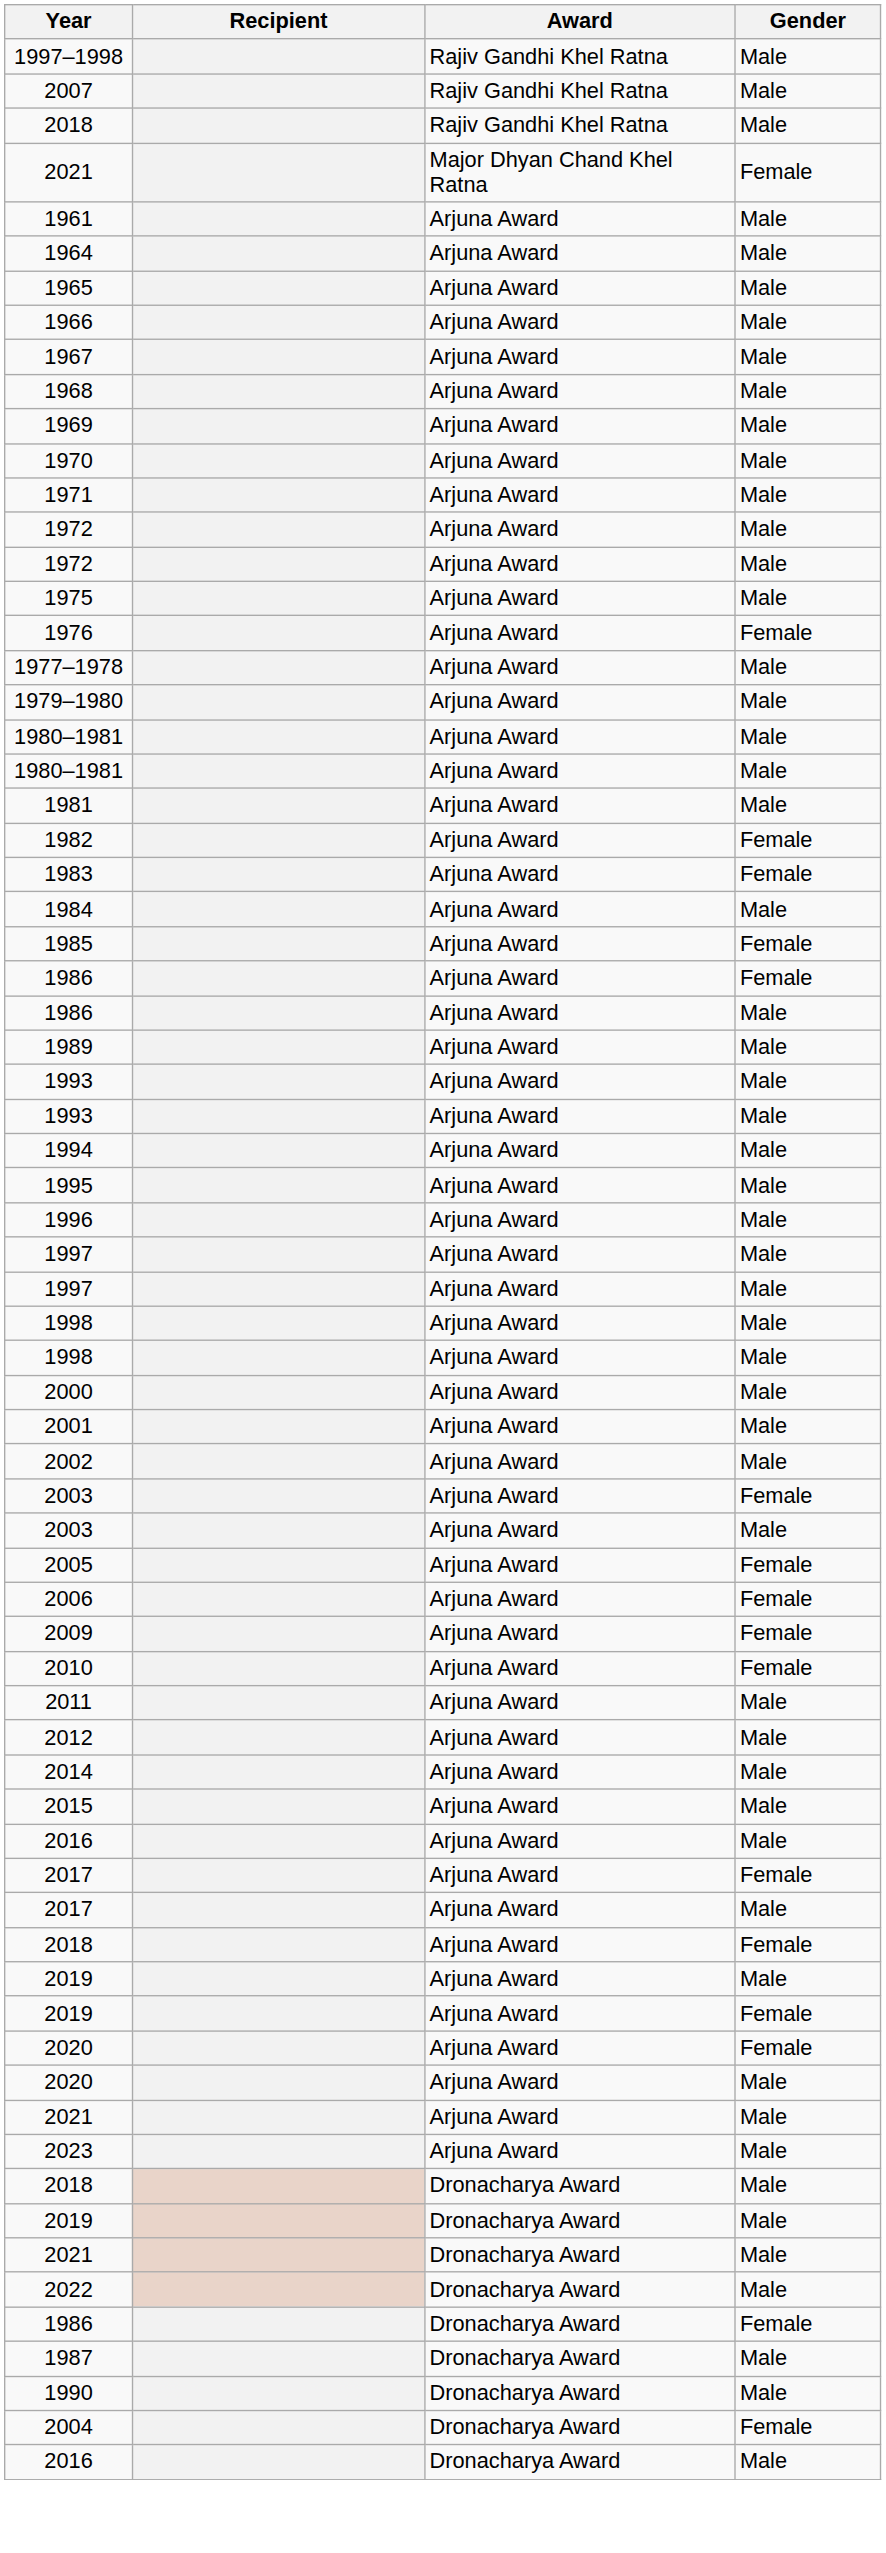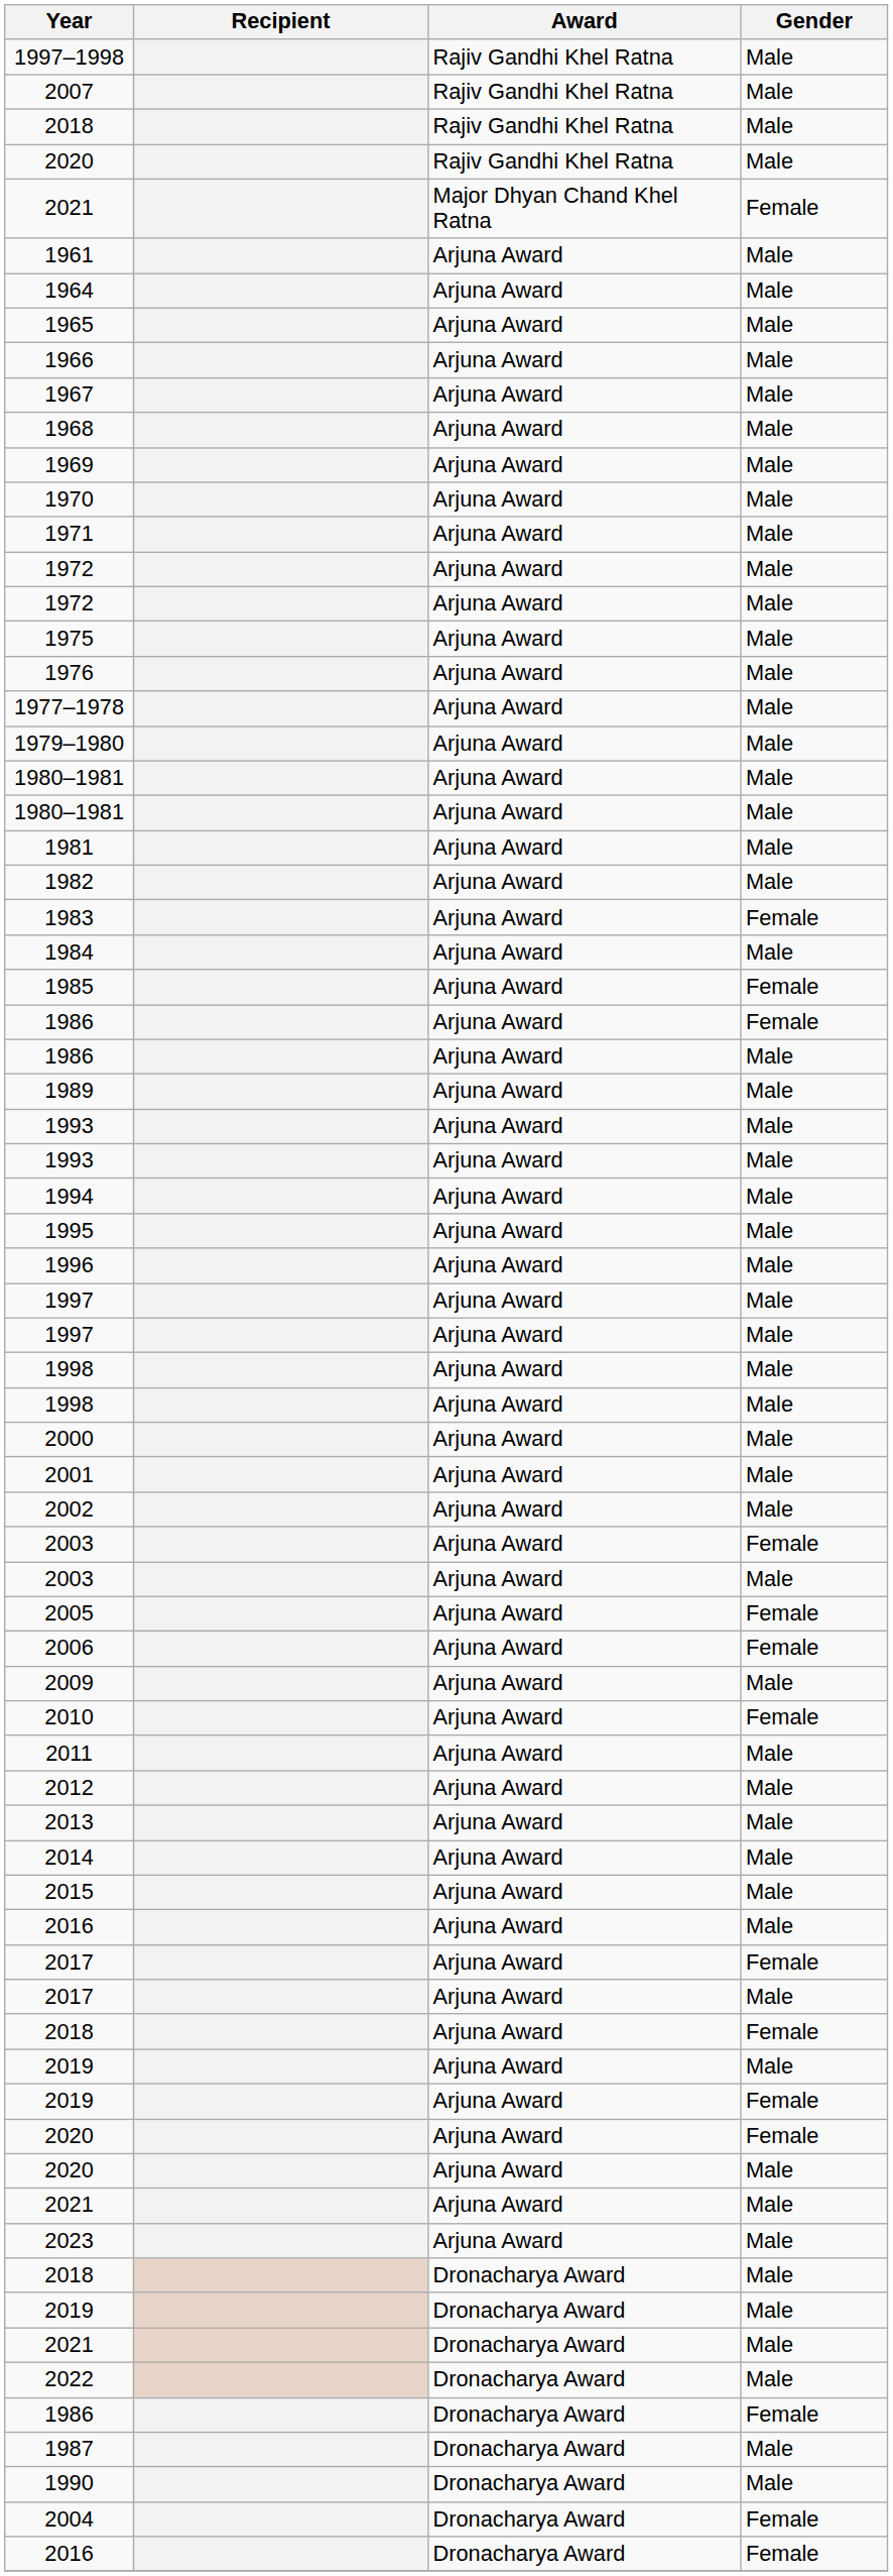 <table class="wikitable plainrowheaders sortable" style="width:73%">
 <tr>
 <th scope="col" style="width:14%">Year</th>
 <th scope="col" style="width:32%">Recipient</th>
 <th scope="col" style="width:34%">Award</th>
 <th scope="col" style="width:16%">Gender</th>
 </tr>
 <tr>
 <td style="text-align:center;">1997–1998</td>
 <th scope="row"></th>
 <td>Rajiv Gandhi Khel Ratna</td>
 <td>Male</td>
 </tr>
 <tr>
 <td style="text-align:center;">2007</td>
 <th scope="row"></th>
 <td>Rajiv Gandhi Khel Ratna</td>
 <td>Male</td>
 </tr>
 <tr>
 <td style="text-align:center;">2018</td>
+<th scope="row"></th>
+<td>Rajiv Gandhi Khel Ratna</td>
+<td>Male</td>
+</tr>
+<tr>
+<td style="text-align:center;">2020</td>
 <th scope="row"></th>
 <td>Rajiv Gandhi Khel Ratna</td>
 <td>Male</td>
 </tr>
 <tr>
 <td style="text-align:center;">2021</td>
 <th scope="row"></th>
 <td>Major Dhyan Chand Khel Ratna</td>
 <td>Female</td>
 </tr>
 <tr>
 <td style="text-align:center;">1961</td>
 <th scope="row"></th>
 <td>Arjuna Award</td>
 <td>Male</td>
 </tr>
 <tr>
 <td style="text-align:center;">1964</td>
 <th scope="row"></th>
 <td>Arjuna Award</td>
 <td>Male</td>
 </tr>
 <tr>
 <td style="text-align:center;">1965</td>
 <th scope="row"></th>
 <td>Arjuna Award</td>
 <td>Male</td>
 </tr>
 <tr>
 <td style="text-align:center;">1966</td>
 <th scope="row"></th>
 <td>Arjuna Award</td>
 <td>Male</td>
 </tr>
 <tr>
 <td style="text-align:center;">1967</td>
 <th scope="row"></th>
 <td>Arjuna Award</td>
 <td>Male</td>
 </tr>
 <tr>
 <td style="text-align:center;">1968</td>
 <th scope="row"></th>
 <td>Arjuna Award</td>
 <td>Male</td>
 </tr>
 <tr>
 <td style="text-align:center;">1969</td>
 <th scope="row"></th>
 <td>Arjuna Award</td>
 <td>Male</td>
 </tr>
 <tr>
 <td style="text-align:center;">1970</td>
 <th scope="row"></th>
 <td>Arjuna Award</td>
 <td>Male</td>
 </tr>
 <tr>
 <td style="text-align:center;">1971</td>
 <th scope="row"></th>
 <td>Arjuna Award</td>
 <td>Male</td>
 </tr>
 <tr>
 <td style="text-align:center;">1972</td>
 <th scope="row"></th>
 <td>Arjuna Award</td>
 <td>Male</td>
 </tr>
 <tr>
 <td style="text-align:center;">1972</td>
 <th scope="row"></th>
 <td>Arjuna Award</td>
 <td>Male</td>
 </tr>
 <tr>
 <td style="text-align:center;">1975</td>
 <th scope="row"></th>
 <td>Arjuna Award</td>
 <td>Male</td>
 </tr>
 <tr>
 <td style="text-align:center;">1976</td>
 <th scope="row"></th>
 <td>Arjuna Award</td>
-<td>Female</td>
+<td>Male</td>
 </tr>
 <tr>
 <td style="text-align:center;">1977–1978</td>
 <th scope="row"></th>
 <td>Arjuna Award</td>
 <td>Male</td>
 </tr>
 <tr>
 <td style="text-align:center;">1979–1980</td>
 <th scope="row"></th>
 <td>Arjuna Award</td>
 <td>Male</td>
 </tr>
 <tr>
 <td style="text-align:center;">1980–1981</td>
 <th scope="row"></th>
 <td>Arjuna Award</td>
 <td>Male</td>
 </tr>
 <tr>
 <td style="text-align:center;">1980–1981</td>
 <th scope="row"></th>
 <td>Arjuna Award</td>
 <td>Male</td>
 </tr>
 <tr>
 <td style="text-align:center;">1981</td>
 <th scope="row"></th>
 <td>Arjuna Award</td>
 <td>Male</td>
 </tr>
 <tr>
 <td style="text-align:center;">1982</td>
 <th scope="row"></th>
 <td>Arjuna Award</td>
-<td>Female</td>
+<td>Male</td>
 </tr>
 <tr>
 <td style="text-align:center;">1983</td>
 <th scope="row"></th>
 <td>Arjuna Award</td>
 <td>Female</td>
 </tr>
 <tr>
 <td style="text-align:center;">1984</td>
 <th scope="row"></th>
 <td>Arjuna Award</td>
 <td>Male</td>
 </tr>
 <tr>
 <td style="text-align:center;">1985</td>
 <th scope="row"></th>
 <td>Arjuna Award</td>
 <td>Female</td>
 </tr>
 <tr>
 <td style="text-align:center;">1986</td>
 <th scope="row"></th>
 <td>Arjuna Award</td>
 <td>Female</td>
 </tr>
 <tr>
 <td style="text-align:center;">1986</td>
 <th scope="row"></th>
 <td>Arjuna Award</td>
 <td>Male</td>
 </tr>
 <tr>
 <td style="text-align:center;">1989</td>
 <th scope="row"></th>
 <td>Arjuna Award</td>
 <td>Male</td>
 </tr>
 <tr>
 <td style="text-align:center;">1993</td>
 <th scope="row"></th>
 <td>Arjuna Award</td>
 <td>Male</td>
 </tr>
 <tr>
 <td style="text-align:center;">1993</td>
 <th scope="row"></th>
 <td>Arjuna Award</td>
 <td>Male</td>
 </tr>
 <tr>
 <td style="text-align:center;">1994</td>
 <th scope="row"></th>
 <td>Arjuna Award</td>
 <td>Male</td>
 </tr>
 <tr>
 <td style="text-align:center;">1995</td>
 <th scope="row"></th>
 <td>Arjuna Award</td>
 <td>Male</td>
 </tr>
 <tr>
 <td style="text-align:center;">1996</td>
 <th scope="row"></th>
 <td>Arjuna Award</td>
 <td>Male</td>
 </tr>
 <tr>
 <td style="text-align:center;">1997</td>
 <th scope="row"></th>
 <td>Arjuna Award</td>
 <td>Male</td>
 </tr>
 <tr>
 <td style="text-align:center;">1997</td>
 <th scope="row"></th>
 <td>Arjuna Award</td>
 <td>Male</td>
 </tr>
 <tr>
 <td style="text-align:center;">1998</td>
 <th scope="row"></th>
 <td>Arjuna Award</td>
 <td>Male</td>
 </tr>
 <tr>
 <td style="text-align:center;">1998</td>
 <th scope="row"></th>
 <td>Arjuna Award</td>
 <td>Male</td>
 </tr>
 <tr>
 <td style="text-align:center;">2000</td>
 <th scope="row"></th>
 <td>Arjuna Award</td>
 <td>Male</td>
 </tr>
 <tr>
 <td style="text-align:center;">2001</td>
 <th scope="row"></th>
 <td>Arjuna Award</td>
 <td>Male</td>
 </tr>
 <tr>
 <td style="text-align:center;">2002</td>
 <th scope="row"></th>
 <td>Arjuna Award</td>
 <td>Male</td>
 </tr>
 <tr>
 <td style="text-align:center;">2003</td>
 <th scope="row"></th>
 <td>Arjuna Award</td>
 <td>Female</td>
 </tr>
 <tr>
 <td style="text-align:center;">2003</td>
 <th scope="row"></th>
 <td>Arjuna Award</td>
 <td>Male</td>
 </tr>
 <tr>
 <td style="text-align:center;">2005</td>
 <th scope="row"></th>
 <td>Arjuna Award</td>
 <td>Female</td>
 </tr>
 <tr>
 <td style="text-align:center;">2006</td>
 <th scope="row"></th>
 <td>Arjuna Award</td>
 <td>Female</td>
 </tr>
 <tr>
 <td style="text-align:center;">2009</td>
 <th scope="row"></th>
 <td>Arjuna Award</td>
-<td>Female</td>
+<td>Male</td>
 </tr>
 <tr>
 <td style="text-align:center;">2010</td>
 <th scope="row"></th>
 <td>Arjuna Award</td>
 <td>Female</td>
 </tr>
 <tr>
 <td style="text-align:center;">2011</td>
 <th scope="row"></th>
 <td>Arjuna Award</td>
 <td>Male</td>
 </tr>
 <tr>
 <td style="text-align:center;">2012</td>
+<th scope="row"></th>
+<td>Arjuna Award</td>
+<td>Male</td>
+</tr>
+<tr>
+<td style="text-align:center;">2013</td>
 <th scope="row"></th>
 <td>Arjuna Award</td>
 <td>Male</td>
 </tr>
 <tr>
 <td style="text-align:center;">2014</td>
 <th scope="row"></th>
 <td>Arjuna Award</td>
 <td>Male</td>
 </tr>
 <tr>
 <td style="text-align:center;">2015</td>
 <th scope="row"></th>
 <td>Arjuna Award</td>
 <td>Male</td>
 </tr>
 <tr>
 <td style="text-align:center;">2016</td>
 <th scope="row"></th>
 <td>Arjuna Award</td>
 <td>Male</td>
 </tr>
 <tr>
 <td style="text-align:center;">2017</td>
 <th scope="row"></th>
 <td>Arjuna Award</td>
 <td>Female</td>
 </tr>
 <tr>
 <td style="text-align:center;">2017</td>
 <th scope="row"></th>
 <td>Arjuna Award</td>
 <td>Male</td>
 </tr>
 <tr>
 <td style="text-align:center;">2018</td>
 <th scope="row"></th>
 <td>Arjuna Award</td>
 <td>Female</td>
 </tr>
 <tr>
 <td style="text-align:center;">2019</td>
 <th scope="row"></th>
 <td>Arjuna Award</td>
 <td>Male</td>
 </tr>
 <tr>
 <td style="text-align:center;">2019</td>
 <th scope="row"></th>
 <td>Arjuna Award</td>
 <td>Female</td>
 </tr>
 <tr>
 <td style="text-align:center;">2020</td>
 <th scope="row"></th>
 <td>Arjuna Award</td>
 <td>Female</td>
 </tr>
 <tr>
 <td style="text-align:center;">2020</td>
 <th scope="row"></th>
 <td>Arjuna Award</td>
 <td>Male</td>
 </tr>
 <tr>
 <td style="text-align:center;">2021</td>
 <th scope="row"></th>
 <td>Arjuna Award</td>
 <td>Male</td>
 </tr>
 <tr>
 <td style="text-align:center;">2023</td>
 <th scope="row"></th>
 <td>Arjuna Award</td>
 <td>Male</td>
 </tr>
 <tr>
 <td style="text-align:center;">2018</td>
 <th scope="row" style="background-color:#E9D4C9"> </th>
 <td>Dronacharya Award</td>
 <td>Male</td>
 </tr>
 <tr>
 <td style="text-align:center;">2019</td>
 <th scope="row" style="background-color:#E9D4C9"> </th>
 <td>Dronacharya Award</td>
 <td>Male</td>
 </tr>
 <tr>
 <td style="text-align:center;">2021</td>
 <th scope="row" style="background-color:#E9D4C9"> </th>
 <td>Dronacharya Award</td>
 <td>Male</td>
 </tr>
 <tr>
 <td style="text-align:center;">2022</td>
 <th scope="row" style="background-color:#E9D4C9"> </th>
 <td>Dronacharya Award</td>
 <td>Male</td>
 </tr>
 <tr>
 <td style="text-align:center;">1986</td>
 <th scope="row"></th>
 <td>Dronacharya Award</td>
 <td>Female</td>
 </tr>
 <tr>
 <td style="text-align:center;">1987</td>
 <th scope="row"></th>
 <td>Dronacharya Award</td>
 <td>Male</td>
 </tr>
 <tr>
 <td style="text-align:center;">1990</td>
 <th scope="row"></th>
 <td>Dronacharya Award</td>
 <td>Male</td>
 </tr>
 <tr>
 <td style="text-align:center;">2004</td>
 <th scope="row"></th>
 <td>Dronacharya Award</td>
 <td>Female</td>
 </tr>
 <tr>
 <td style="text-align:center;">2016</td>
 <th scope="row"></th>
 <td>Dronacharya Award</td>
-<td>Male</td>
+<td>Female</td>
 </tr>
 <tr>
 </tr>
 </table>
